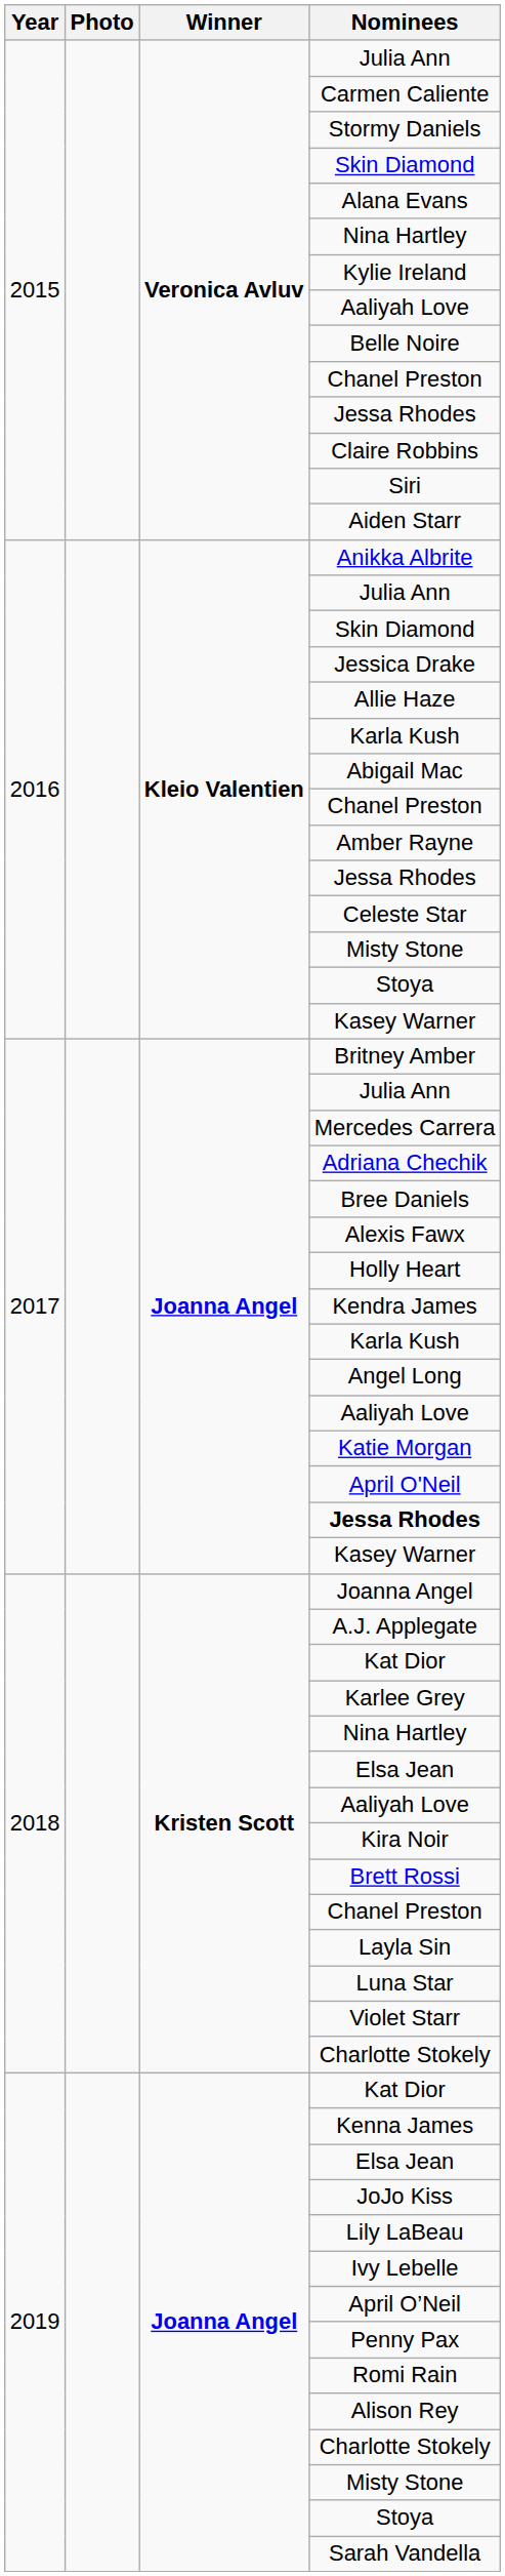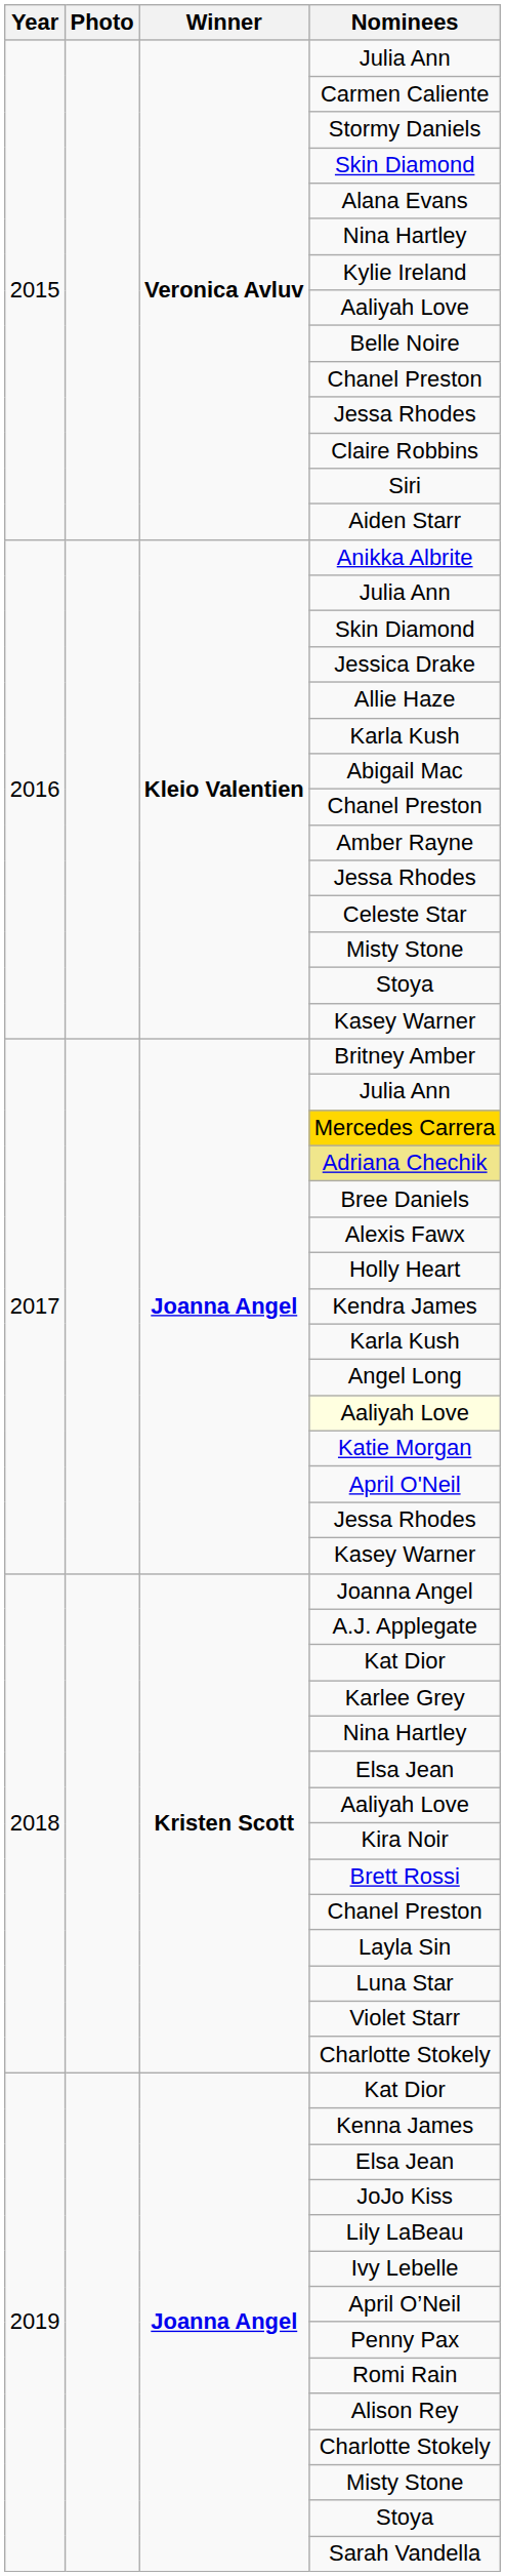 <table class=wikitable>
 <tr>
 <th>Year</th>
 <th>Photo</th>
 <th>Winner<br></th>
 <th>Nominees<br></th>
 </tr>
 <tr>
 <td rowspan=14>2015</td>
 <td rowspan=14 align=center></td>
 <td rowspan=14 align=center><strong>Veronica Avluv</strong><br></td>
 <td align=center>Julia Ann<br></td>
 </tr>
 <tr>
 <td align=center>Carmen Caliente<br></td>
 </tr>
 <tr>
 <td align=center>Stormy Daniels<br></td>
 </tr>
 <tr>
 <td align=center><a href='#'>Skin Diamond</a><br></td>
 </tr>
 <tr>
 <td align=center>Alana Evans<br></td>
 </tr>
 <tr>
 <td align=center>Nina Hartley<br></td>
 </tr>
 <tr>
 <td align=center>Kylie Ireland<br></td>
 </tr>
 <tr>
 <td align=center>Aaliyah Love<br></td>
 </tr>
 <tr>
 <td align=center>Belle Noire<br></td>
 </tr>
 <tr>
 <td align=center>Chanel Preston<br></td>
 </tr>
 <tr>
 <td align=center>Jessa Rhodes<br></td>
 </tr>
 <tr>
 <td align=center>Claire Robbins<br></td>
 </tr>
 <tr>
 <td align=center>Siri<br></td>
 </tr>
 <tr>
 <td align=center>Aiden Starr<br></td>
 </tr>
 <tr>
 <td rowspan=14>2016</td>
 <td rowspan=14></td>
 <td rowspan=14 align=center><strong>Kleio Valentien</strong><br></td>
 <td align=center><a href='#'>Anikka Albrite</a><br></td>
 </tr>
 <tr>
 <td align=center>Julia Ann<br></td>
 </tr>
 <tr>
 <td align=center>Skin Diamond<br></td>
 </tr>
 <tr>
 <td align=center>Jessica Drake<br></td>
 </tr>
 <tr>
 <td align=center>Allie Haze<br></td>
 </tr>
 <tr>
 <td align=center>Karla Kush<br></td>
 </tr>
 <tr>
 <td align=center>Abigail Mac<br></td>
 </tr>
 <tr>
 <td align=center>Chanel Preston<br></td>
 </tr>
 <tr>
 <td align=center>Amber Rayne<br></td>
 </tr>
 <tr>
 <td align=center>Jessa Rhodes<br></td>
 </tr>
 <tr>
 <td align=center>Celeste Star<br></td>
 </tr>
 <tr>
 <td align=center>Misty Stone<br></td>
 </tr>
 <tr>
 <td align=center>Stoya<br></td>
 </tr>
 <tr>
 <td align=center>Kasey Warner<br></td>
 </tr>
 <tr>
 <td rowspan=15 align=center>2017</td>
 <td rowspan=15 align=center></td>
 <td rowspan=15 align=center><strong><a href='#'>Joanna Angel</a></strong><br></td>
 <td align=center>Britney Amber<br></td>
 </tr>
 <tr>
 <td align=center>Julia Ann<br></td>
 </tr>
 <tr>
-<td align=center>Mercedes Carrera<br></td>
+<td align=center style="background: gold;">Mercedes Carrera<br></td>
 </tr>
 <tr>
-<td align=center><a href='#'>Adriana Chechik</a><br></td>
+<td align=center style="background: khaki;"><a href='#'>Adriana Chechik</a><br></td>
 </tr>
 <tr>
 <td align=center>Bree Daniels<br></td>
 </tr>
 <tr>
 <td align=center>Alexis Fawx<br></td>
 </tr>
 <tr>
 <td align=center>Holly Heart<br></td>
 </tr>
 <tr>
 <td align=center>Kendra James<br></td>
 </tr>
 <tr>
 <td align=center>Karla Kush<br></td>
 </tr>
 <tr>
 <td align=center>Angel Long<br></td>
 </tr>
 <tr>
-<td align=center>Aaliyah Love<br></td>
+<td align=center style="background: lightyellow;">Aaliyah Love<br></td>
 </tr>
 <tr>
 <td align=center><a href='#'>Katie Morgan</a><br></td>
 </tr>
 <tr>
 <td align=center><a href='#'>April O'Neil</a><br></td>
 </tr>
 <tr>
-<td align=center><strong>Jessa Rhodes<br></strong></td>
+<td align=center>Jessa Rhodes<br></td>
 </tr>
 <tr>
 <td align=center>Kasey Warner<br></td>
 </tr>
 <tr>
 <td rowspan=14 align=center>2018</td>
 <td rowspan=14 align=center></td>
 <td rowspan=14 align=center><strong>Kristen Scott</strong><br></td>
 <td align=center>Joanna Angel<br></td>
 </tr>
 <tr>
 <td align=center>A.J. Applegate<br></td>
 </tr>
 <tr>
 <td align=center>Kat Dior<br></td>
 </tr>
 <tr>
 <td align=center>Karlee Grey<br></td>
 </tr>
 <tr>
 <td align=center>Nina Hartley<br></td>
 </tr>
 <tr>
 <td align=center>Elsa Jean<br></td>
 </tr>
 <tr>
 <td align=center>Aaliyah Love<br></td>
 </tr>
 <tr>
 <td align=center>Kira Noir<br></td>
 </tr>
 <tr>
 <td align=center><a href='#'>Brett Rossi</a><br></td>
 </tr>
 <tr>
 <td align=center>Chanel Preston<br></td>
 </tr>
 <tr>
 <td align=center>Layla Sin<br></td>
 </tr>
 <tr>
 <td align=center>Luna Star<br></td>
 </tr>
 <tr>
 <td align=center>Violet Starr<br></td>
 </tr>
 <tr>
 <td align=center>Charlotte Stokely<br></td>
 </tr>
 <tr>
 <td rowspan=15 align=center>2019</td>
 <td rowspan=15 align=center></td>
 <td rowspan=15 align=center><strong><a href='#'>Joanna Angel</a></strong><br></td>
 <td align=center>Kat Dior<br></td>
 </tr>
 <tr>
 <td align=center>Kenna James<br></td>
 </tr>
 <tr>
 <td align=center>Elsa Jean<br></td>
 </tr>
 <tr>
 <td align=center>JoJo Kiss<br></td>
 </tr>
 <tr>
 <td align=center>Lily LaBeau<br></td>
 </tr>
 <tr>
 <td align=center>Ivy Lebelle<br></td>
 </tr>
 <tr>
 <td align=center>April O’Neil<br></td>
 </tr>
 <tr>
 <td align=center>Penny Pax<br></td>
 </tr>
 <tr>
 <td align=center>Romi Rain<br></td>
 </tr>
 <tr>
 <td align=center>Alison Rey<br></td>
 </tr>
 <tr>
 <td align=center>Charlotte Stokely<br></td>
 </tr>
 <tr>
 <td align=center>Misty Stone<br></td>
 </tr>
 <tr>
 <td align=center>Stoya<br></td>
 </tr>
 <tr>
 <td align=center>Sarah Vandella<br></td>
 </tr>
 </table>
